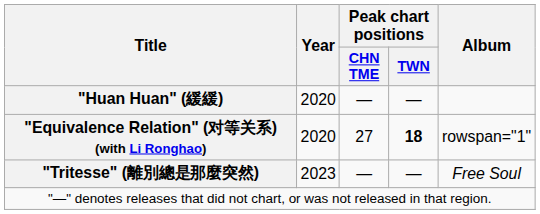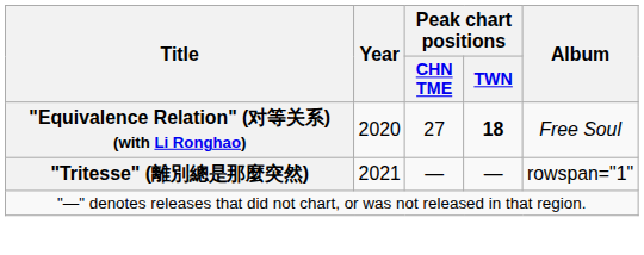 <table class="wikitable plainrowheaders" style="text-align:center;">
 <tr>
 <th rowspan="2" scope="col" style="width:18em;">Title</th>
 <th rowspan="2" scope="col">Year</th>
 <th colspan="2">Peak chart positions</th>
 <th rowspan="2" scope="col">Album</th>
 </tr>
 <tr>
 <th scope="col" style="width:3em;font-size:90%;"><a href='#'>CHN TME</a><br></th>
 <th scope="col" style="width:3em;font-size:90%;"><a href='#'>TWN</a><br></th>
 </tr>
 <tr>
-<th scope="row">"Huan Huan" (緩緩)</th>
-<td>2020</td>
-<td>—</td>
-<td>—</td>
-<td></td>
-</tr>
-<tr>
 <th scope="row">"Equivalence Relation" (对等关系)<br><small>(with <a href='#'>Li Ronghao</a>)</small></th>
 <td>2020</td>
 <td>27</td>
 <td><strong>18</strong></td>
-<td>rowspan="1" </td>
+<td><em>Free Soul</em></td>
 </tr>
 <tr>
 <th scope="row">"Tritesse" (離別總是那麼突然)</th>
-<td>2023</td>
+<td>2021</td>
 <td>—</td>
 <td>—</td>
-<td><em>Free Soul</em></td>
+<td>rowspan="1" </td>
 </tr>
 <tr>
 <td colspan="5" style="font-size:85%">"—" denotes releases that did not chart, or was not released in that region.</td>
 </tr>
 </table>
